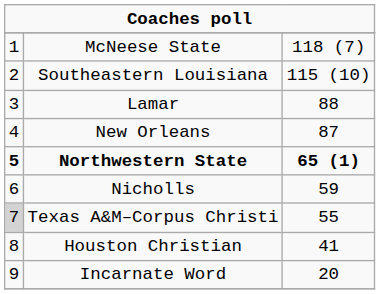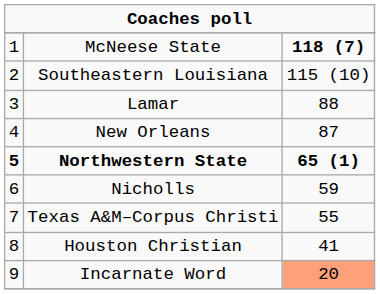 <table class="wikitable">
 <tr align="center">
 <td align="center" Colspan="3"><strong>Coaches poll</strong></td>
 </tr>
 <tr align="center">
 </tr>
 <tr align="center">
 <td>1</td>
 <td>McNeese State</td>
-<td>118 (7)</td>
+<td><strong>118 (7)</strong></td>
 </tr>
 <tr align="center">
 <td>2</td>
 <td>Southeastern Louisiana</td>
 <td>115 (10)</td>
 </tr>
 <tr align="center">
 <td>3</td>
 <td>Lamar</td>
 <td>88</td>
 </tr>
 <tr align="center">
 <td>4</td>
 <td>New Orleans</td>
 <td>87</td>
 </tr>
 <tr align="center">
 <td><strong>5</strong></td>
 <td><strong>Northwestern State</strong></td>
 <td><strong>65 (1)</strong></td>
 </tr>
 <tr align="center">
 <td>6</td>
 <td>Nicholls</td>
 <td>59</td>
 </tr>
 <tr align="center">
-<td style="background: lightgrey;">7</td>
+<td>7</td>
 <td>Texas A&M–Corpus Christi</td>
 <td>55</td>
 </tr>
 <tr align="center">
 <td>8</td>
 <td>Houston Christian</td>
 <td>41</td>
 </tr>
 <tr align="center">
 <td>9</td>
 <td>Incarnate Word</td>
-<td>20</td>
+<td style="background: lightsalmon;">20</td>
 </tr>
 <tr align="center">
 </tr>
 </table>
